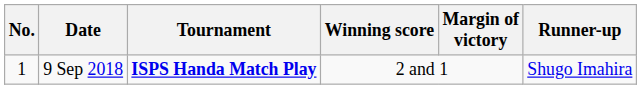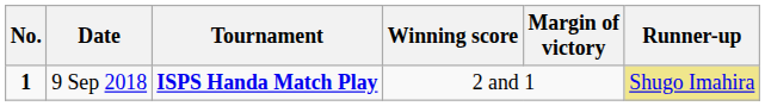 <table class="wikitable" style="font-size:95%;">
 <tr>
 <th>No.</th>
 <th>Date</th>
 <th>Tournament</th>
 <th>Winning score</th>
 <th>Margin of<br>victory</th>
 <th>Runner-up</th>
 </tr>
 <tr>
-<td align=center>1</td>
+<td align=center><strong>1</strong></td>
 <td align=right>9 Sep <a href='#'>2018</a></td>
 <td><strong><a href='#'>ISPS Handa Match Play</a></strong></td>
 <td colspan=2 align=center>2 and 1</td>
-<td> <a href='#'>Shugo Imahira</a></td>
+<td style="background: khaki;"> <a href='#'>Shugo Imahira</a></td>
 </tr>
 </table>
